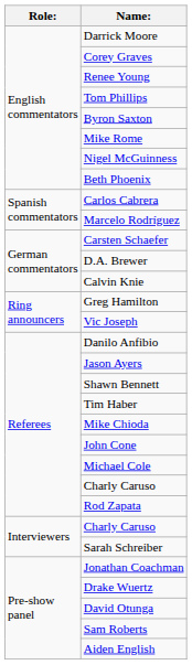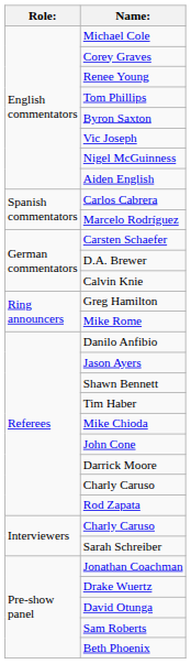 <table class=wikitable style="font-size:90%; margin: 0.5em 0 0.5em 1em; float: right; clear: right;"+ >
 <tr>
 <th>Role:</th>
 <th>Name:</th>
 </tr>
 <tr>
 <td rowspan=8>English<br>commentators</td>
-<td>Darrick Moore</td>
+<td><a href='#'>Michael Cole</a> </td>
 </tr>
 <tr>
 <td><a href='#'>Corey Graves</a> </td>
 </tr>
 <tr>
 <td><a href='#'>Renee Young</a> </td>
 </tr>
 <tr>
 <td><a href='#'>Tom Phillips</a> </td>
 </tr>
 <tr>
 <td><a href='#'>Byron Saxton</a> </td>
 </tr>
 <tr>
-<td><a href='#'>Mike Rome</a> </td>
+<td><a href='#'>Vic Joseph</a> </td>
 </tr>
 <tr>
 <td><a href='#'>Nigel McGuinness</a> </td>
 </tr>
 <tr>
-<td><a href='#'>Beth Phoenix</a></td>
+<td><a href='#'>Aiden English</a> </td>
 </tr>
 <tr>
 <td rowspan=2>Spanish<br>commentators</td>
 <td><a href='#'>Carlos Cabrera</a></td>
 </tr>
 <tr>
 <td><a href='#'>Marcelo Rodríguez</a></td>
 </tr>
 <tr>
 <td rowspan=3>German<br>commentators</td>
 <td><a href='#'>Carsten Schaefer</a></td>
 </tr>
 <tr>
 <td>D.A. Brewer</td>
 </tr>
 <tr>
 <td>Calvin Knie</td>
 </tr>
 <tr>
 <td rowspan=2><a href='#'>Ring<br>announcers</a></td>
 <td>Greg Hamilton </td>
 </tr>
 <tr>
-<td><a href='#'>Vic Joseph</a> </td>
+<td><a href='#'>Mike Rome</a> </td>
 </tr>
 <tr>
 <td rowspan=9><a href='#'>Referees</a></td>
 <td>Danilo Anfibio</td>
 </tr>
 <tr>
 <td><a href='#'>Jason Ayers</a></td>
 </tr>
 <tr>
 <td>Shawn Bennett</td>
 </tr>
 <tr>
 <td>Tim Haber</td>
 </tr>
 <tr>
 <td><a href='#'>Mike Chioda</a></td>
 </tr>
 <tr>
 <td><a href='#'>John Cone</a></td>
 </tr>
 <tr>
-<td><a href='#'>Michael Cole</a> </td>
+<td>Darrick Moore</td>
 </tr>
 <tr>
 <td>Charly Caruso</td>
 </tr>
 <tr>
 <td><a href='#'>Rod Zapata</a></td>
 </tr>
 <tr>
 <td rowspan=2>Interviewers</td>
 <td><a href='#'>Charly Caruso</a></td>
 </tr>
 <tr>
 <td>Sarah Schreiber</td>
 </tr>
 <tr>
 <td rowspan=5>Pre-show<br>panel</td>
 <td><a href='#'>Jonathan Coachman</a></td>
 </tr>
 <tr>
 <td><a href='#'>Drake Wuertz</a></td>
 </tr>
 <tr>
 <td><a href='#'>David Otunga</a></td>
 </tr>
 <tr>
 <td><a href='#'>Sam Roberts</a></td>
 </tr>
 <tr>
-<td><a href='#'>Aiden English</a> </td>
+<td><a href='#'>Beth Phoenix</a></td>
 </tr>
 </table>
